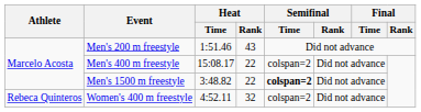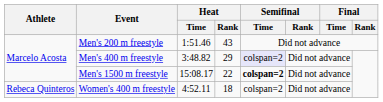 <table class=wikitable style="font-size:90%">
 <tr>
 <th rowspan="2">Athlete</th>
 <th rowspan="2">Event</th>
 <th colspan="2">Heat</th>
 <th colspan="2">Semifinal</th>
 <th colspan="2">Final</th>
 </tr>
 <tr style="font-size:95%">
 <th>Time</th>
 <th>Rank</th>
 <th>Time</th>
 <th>Rank</th>
 <th>Time</th>
 <th>Rank</th>
 </tr>
 <tr align=center>
 <td align=left rowspan=3><a href='#'>Marcelo Acosta</a></td>
 <td align=left><a href='#'>Men's 200 m freestyle</a></td>
 <td>1:51.46</td>
 <td>43</td>
 <td colspan=4>Did not advance</td>
 </tr>
 <tr align=center>
 <td align=left><a href='#'>Men's 400 m freestyle</a></td>
-<td>15:08.17</td>
-<td>22</td>
-<td>colspan=2 </td>
+<td>3:48.82</td>
+<td>29</td>
+<td style="background: lavender;">colspan=2 </td>
 <td colspan=2>Did not advance</td>
 </tr>
 <tr align=center>
 <td align=left><a href='#'>Men's 1500 m freestyle</a></td>
-<td>3:48.82</td>
+<td>15:08.17</td>
 <td>22</td>
 <td><strong>colspan=2 </strong></td>
 <td colspan=2>Did not advance</td>
 </tr>
 <tr align=center>
 <td align=left><a href='#'>Rebeca Quinteros</a></td>
 <td align=left><a href='#'>Women's 400 m freestyle</a></td>
 <td>4:52.11</td>
-<td>32</td>
+<td>18</td>
 <td>colspan=2 </td>
 <td colspan=2>Did not advance</td>
 </tr>
 </table>
